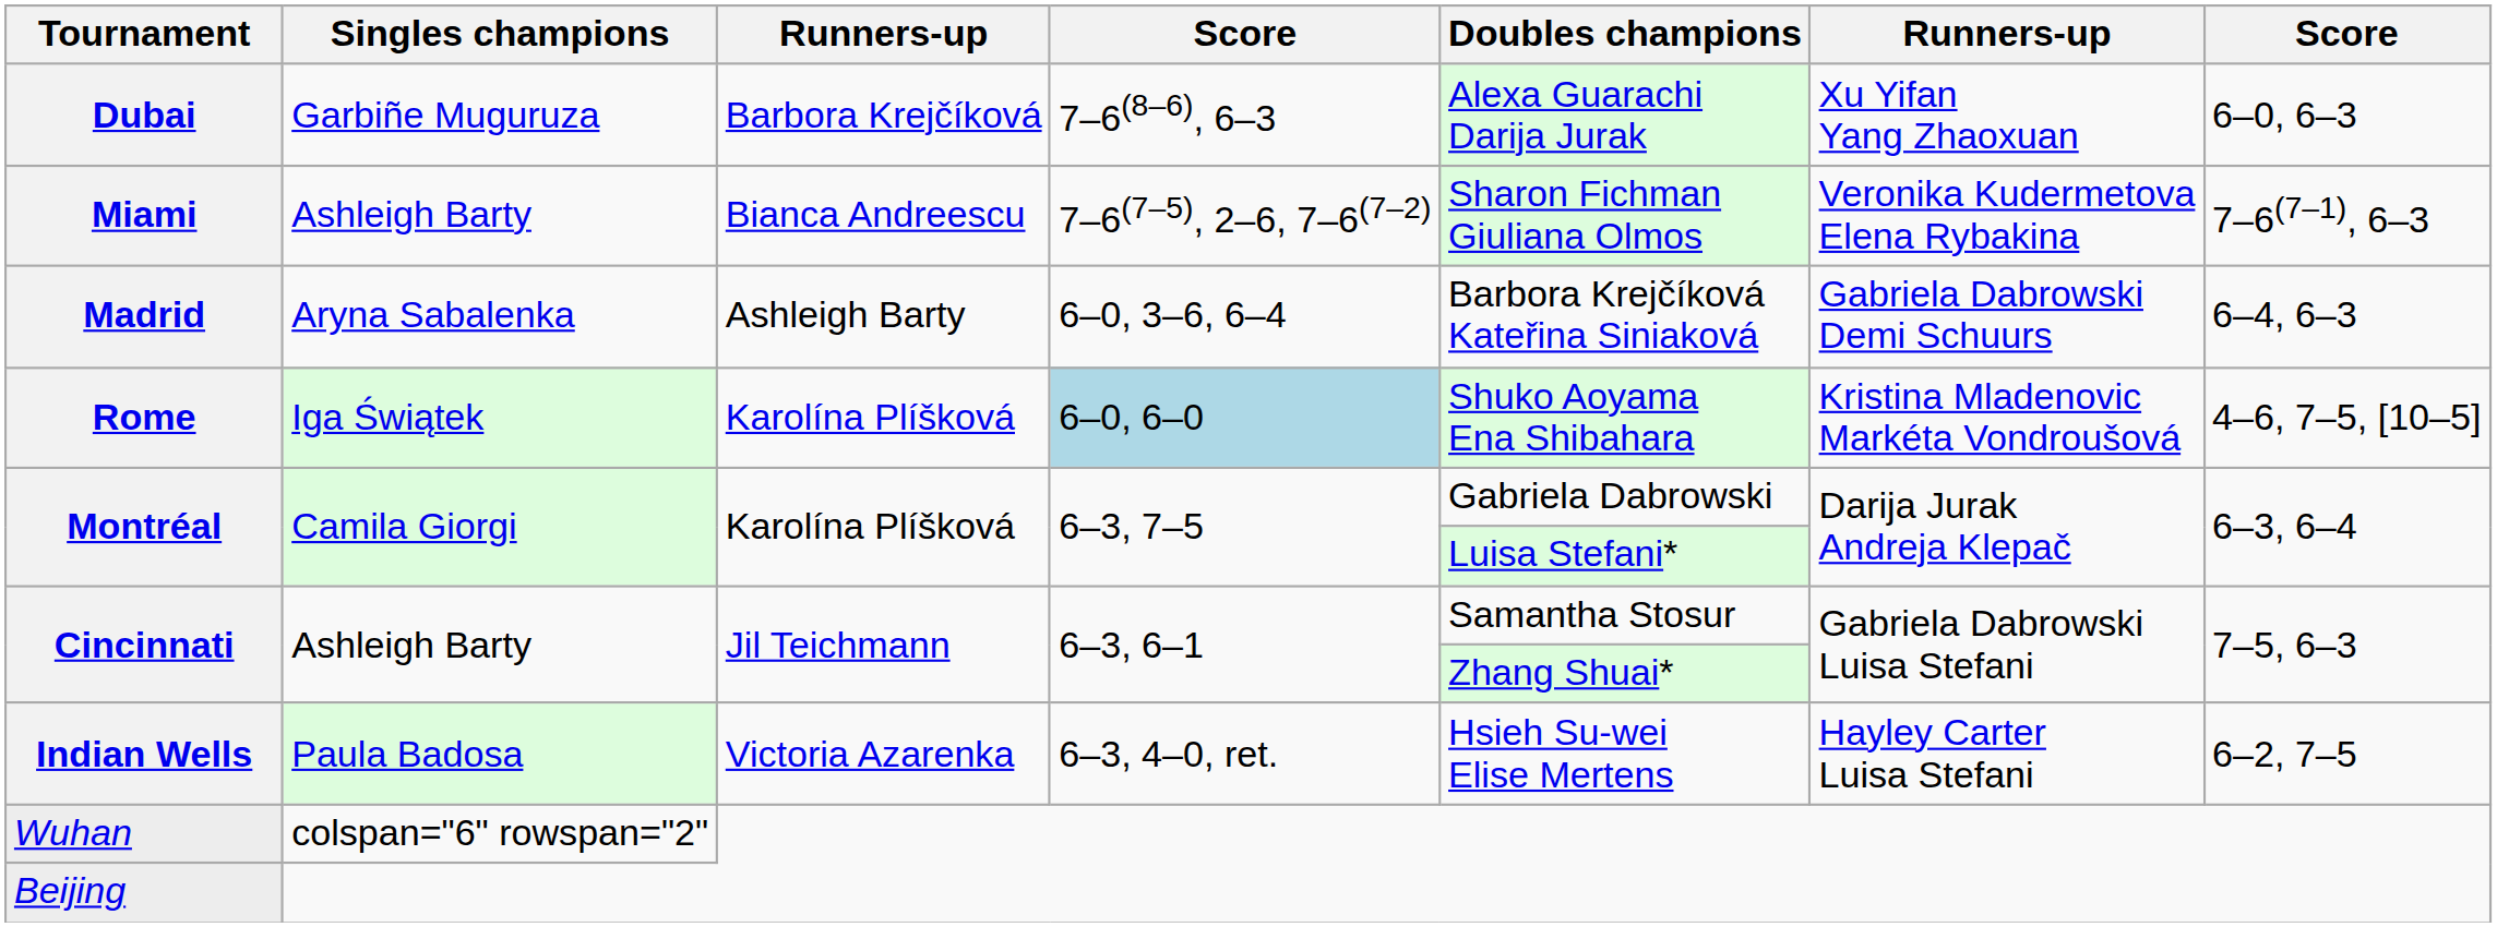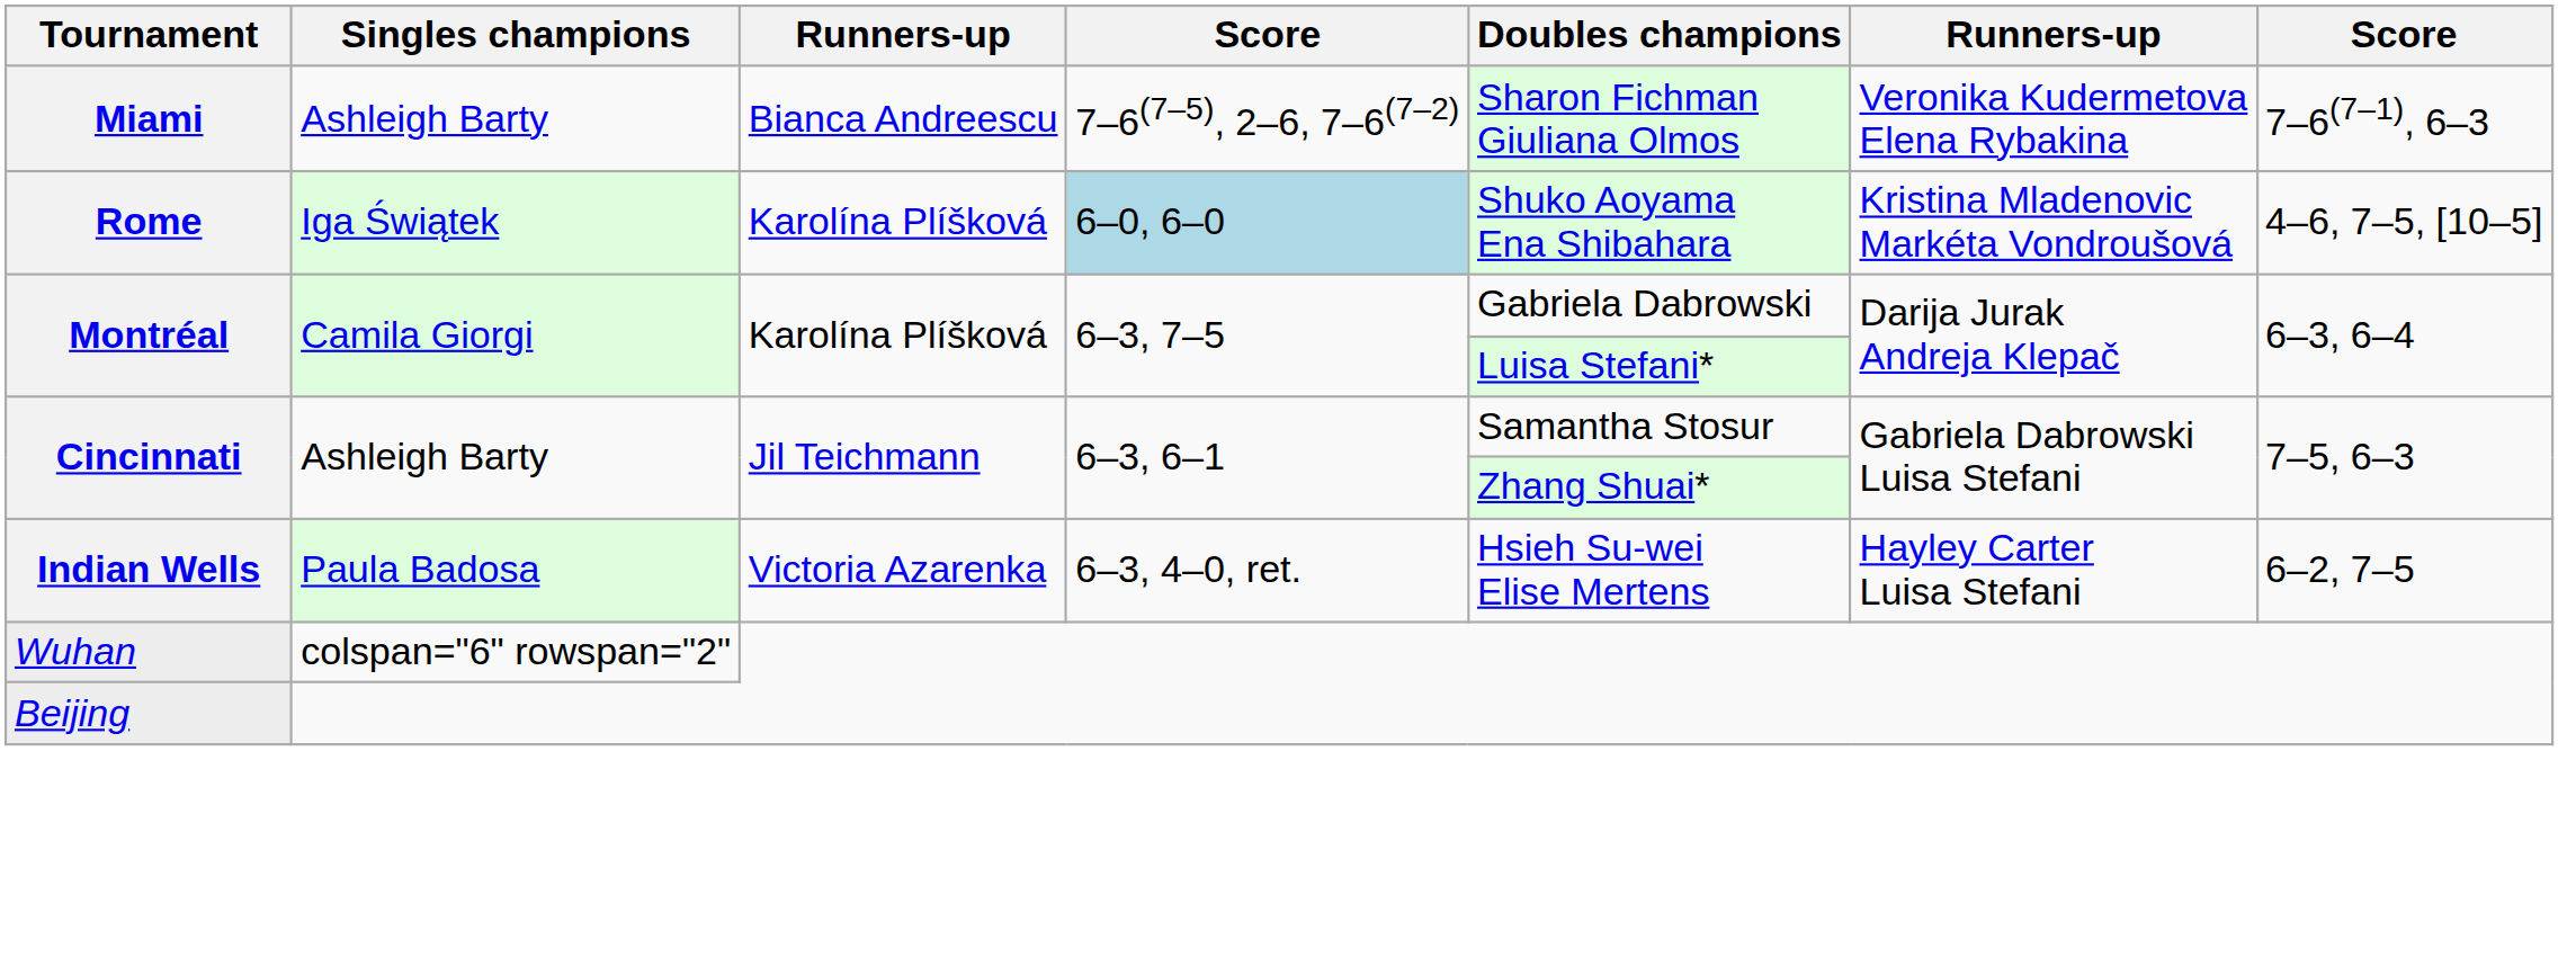 <table class="wikitable plainrowheaders">
 <tr>
 <th scope="col" style="min-width:7em">Tournament</th>
 <th scope="col">Singles champions</th>
 <th scope="col">Runners-up</th>
 <th scope="col">Score</th>
 <th scope="col">Doubles champions</th>
 <th scope="col">Runners-up</th>
 <th scope="col">Score</th>
 </tr>
 <tr>
-<th scope="row"><strong><a href='#'>Dubai</a></strong><br></th>
-<td> <a href='#'>Garbiñe Muguruza</a></td>
-<td> <a href='#'>Barbora Krejčíková</a></td>
-<td>7–6<sup>(8–6)</sup>, 6–3</td>
-<td style="background:#ddfddd"> <a href='#'>Alexa Guarachi</a> <br>  <a href='#'>Darija Jurak</a></td>
-<td> <a href='#'>Xu Yifan</a> <br>  <a href='#'>Yang Zhaoxuan</a></td>
-<td>6–0, 6–3</td>
-</tr>
-<tr>
 <th scope="row"><strong><a href='#'>Miami</a></strong><br></th>
 <td> <a href='#'>Ashleigh Barty</a></td>
 <td> <a href='#'>Bianca Andreescu</a></td>
 <td>7–6<sup>(7–5)</sup>, 2–6, 7–6<sup>(7–2)</sup></td>
 <td style="background:#ddfddd"> <a href='#'>Sharon Fichman</a> <br>  <a href='#'>Giuliana Olmos</a></td>
 <td> <a href='#'>Veronika Kudermetova</a> <br>  <a href='#'>Elena Rybakina</a></td>
 <td>7–6<sup>(7–1)</sup>, 6–3</td>
-</tr>
-<tr>
-<th scope="row"><strong><a href='#'>Madrid</a></strong><br></th>
-<td> <a href='#'>Aryna Sabalenka</a></td>
-<td> Ashleigh Barty</td>
-<td>6–0, 3–6, 6–4</td>
-<td> Barbora Krejčíková <br>  <a href='#'>Kateřina Siniaková</a></td>
-<td> <a href='#'>Gabriela Dabrowski</a> <br>  <a href='#'>Demi Schuurs</a></td>
-<td>6–4, 6–3</td>
 </tr>
 <tr>
 <th scope="row"><strong><a href='#'>Rome</a></strong><br></th>
 <td style="background:#ddfddd"> <a href='#'>Iga Świątek</a></td>
 <td> <a href='#'>Karolína Plíšková</a></td>
 <td style="background: lightblue;">6–0, 6–0</td>
 <td style="background:#ddfddd"> <a href='#'>Shuko Aoyama</a> <br>  <a href='#'>Ena Shibahara</a></td>
 <td> <a href='#'>Kristina Mladenovic</a> <br>  <a href='#'>Markéta Vondroušová</a></td>
 <td>4–6, 7–5, [10–5]</td>
 </tr>
 <tr>
 <th scope="row" rowspan=2><strong><a href='#'>Montréal</a></strong><br></th>
 <td rowspan="2" style="background:#ddfddd"> <a href='#'>Camila Giorgi</a></td>
 <td rowspan="2"> Karolína Plíšková</td>
 <td rowspan="2">6–3, 7–5</td>
 <td> Gabriela Dabrowski</td>
 <td rowspan="2"> Darija Jurak <br>  <a href='#'>Andreja Klepač</a></td>
 <td rowspan="2">6–3, 6–4</td>
 </tr>
 <tr>
 <td style="background:#ddfddd"> <a href='#'>Luisa Stefani</a>*</td>
 </tr>
 <tr>
 <th scope="row" rowspan=2><strong><a href='#'>Cincinnati</a></strong><br></th>
 <td rowspan="2"> Ashleigh Barty</td>
 <td rowspan="2"> <a href='#'>Jil Teichmann</a></td>
 <td rowspan="2">6–3, 6–1</td>
 <td> Samantha Stosur</td>
 <td rowspan="2"> Gabriela Dabrowski <br>  Luisa Stefani</td>
 <td rowspan="2">7–5, 6–3</td>
 </tr>
 <tr>
 <td style="background:#ddfddd"> <a href='#'>Zhang Shuai</a>*</td>
 </tr>
 <tr>
 <th scope="row"><strong><a href='#'>Indian Wells</a></strong><br></th>
 <td style="background:#ddfddd"> <a href='#'>Paula Badosa</a></td>
 <td> <a href='#'>Victoria Azarenka</a></td>
 <td>6–3, 4–0, ret.</td>
 <td> <a href='#'>Hsieh Su-wei</a> <br>  <a href='#'>Elise Mertens</a></td>
 <td> <a href='#'>Hayley Carter</a> <br>  Luisa Stefani</td>
 <td>6–2, 7–5</td>
 </tr>
 <tr>
 <td style="background:#ededed"><em><a href='#'>Wuhan</a></em></td>
 <td>colspan="6" rowspan="2" </td>
 </tr>
 <tr>
 <td style="background:#ededed"><em><a href='#'>Beijing</a></em></td>
 </tr>
 </table>
